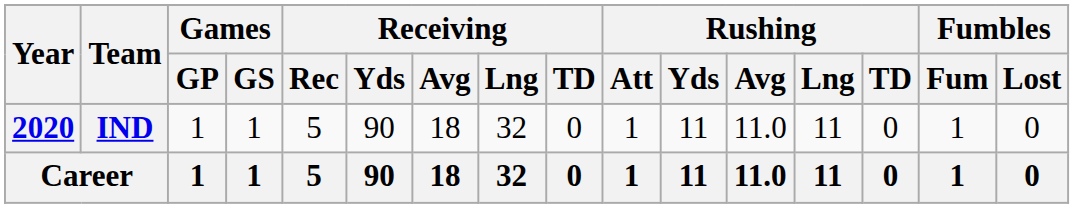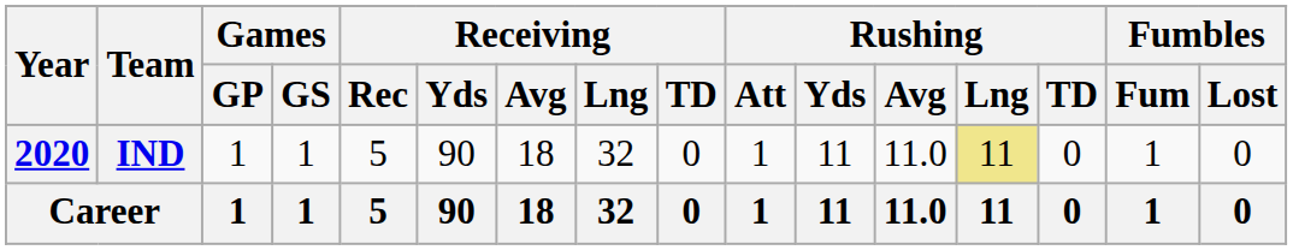 <table style="text-align:center;" class="wikitable">
 <tr style="font-weight:bold;background:#03202F;color:White;">
 </tr>
 <tr>
 <th rowspan="2">Year</th>
 <th rowspan="2">Team</th>
 <th colspan="2">Games</th>
 <th colspan="5">Receiving</th>
 <th colspan="5">Rushing</th>
 <th colspan="2">Fumbles</th>
 </tr>
 <tr>
 <th>GP</th>
 <th>GS</th>
 <th>Rec</th>
 <th>Yds</th>
 <th>Avg</th>
 <th>Lng</th>
 <th>TD</th>
 <th>Att</th>
 <th>Yds</th>
 <th>Avg</th>
 <th>Lng</th>
 <th>TD</th>
 <th>Fum</th>
 <th>Lost</th>
 </tr>
 <tr>
 <th><a href='#'>2020</a></th>
 <th><a href='#'>IND</a></th>
 <td>1</td>
 <td>1</td>
 <td>5</td>
 <td>90</td>
 <td>18</td>
 <td>32</td>
 <td>0</td>
 <td>1</td>
 <td>11</td>
 <td>11.0</td>
-<td>11</td>
+<td style="background: khaki;">11</td>
 <td>0</td>
 <td>1</td>
 <td>0</td>
 </tr>
 <tr>
 <th colspan="2">Career</th>
 <th>1</th>
 <th>1</th>
 <th>5</th>
 <th>90</th>
 <th>18</th>
 <th>32</th>
 <th>0</th>
 <th>1</th>
 <th>11</th>
 <th>11.0</th>
 <th>11</th>
 <th>0</th>
 <th>1</th>
 <th>0</th>
 </tr>
 </table>
